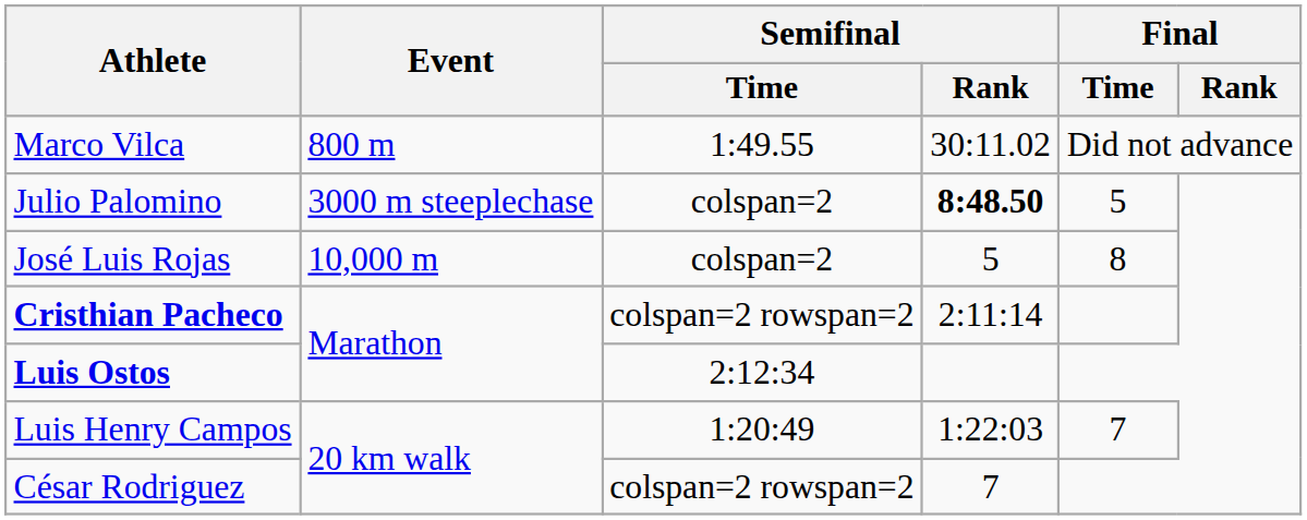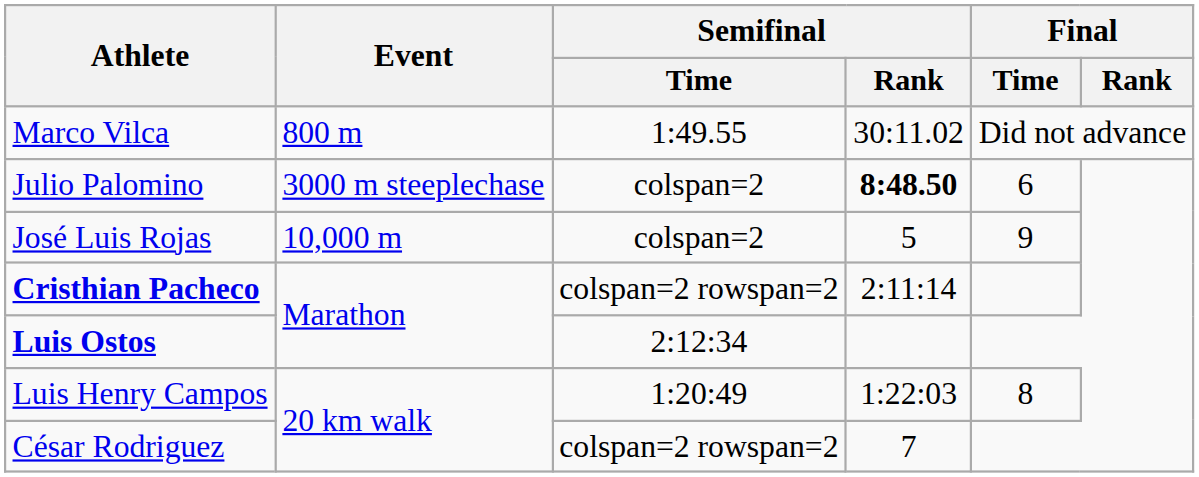 <table class=wikitable style=font-size:90%;text-align:center>
 <tr>
 <th rowspan=2>Athlete</th>
 <th rowspan=2>Event</th>
 <th colspan=2>Semifinal</th>
 <th colspan=2>Final</th>
 </tr>
 <tr style=font-size:95%>
 <th>Time</th>
 <th>Rank</th>
 <th>Time</th>
 <th>Rank</th>
 </tr>
 <tr>
 <td align=left><a href='#'>Marco Vilca</a></td>
 <td align=left><a href='#'>800 m</a></td>
 <td>1:49.55</td>
 <td>30:11.02</td>
 <td colspan=2>Did not advance</td>
 </tr>
 <tr>
 <td align=left><a href='#'>Julio Palomino</a></td>
 <td align=left><a href='#'>3000 m steeplechase</a></td>
 <td>colspan=2 </td>
 <td><strong>8:48.50</strong></td>
-<td>5</td>
+<td>6</td>
 </tr>
 <tr>
 <td align=left><a href='#'>José Luis Rojas</a></td>
 <td align=left><a href='#'>10,000 m</a></td>
 <td>colspan=2 </td>
 <td>5</td>
-<td>8</td>
+<td>9</td>
 </tr>
 <tr>
 <td align=left><strong><a href='#'>Cristhian Pacheco</a></strong></td>
 <td align=left rowspan=2><a href='#'>Marathon</a></td>
 <td>colspan=2 rowspan=2</td>
 <td>2:11:14</td>
 <td></td>
 </tr>
 <tr>
 <td align=left><strong><a href='#'>Luis Ostos</a></strong></td>
 <td>2:12:34</td>
 <td></td>
 </tr>
 <tr>
 <td align=left><a href='#'>Luis Henry Campos</a></td>
 <td align=left rowspan=2><a href='#'>20 km walk</a></td>
 <td>1:20:49</td>
 <td>1:22:03</td>
-<td>7</td>
+<td>8</td>
 </tr>
 <tr>
 <td align=left><a href='#'>César Rodriguez</a></td>
 <td>colspan=2 rowspan=2 </td>
 <td>7</td>
 </tr>
 </table>
